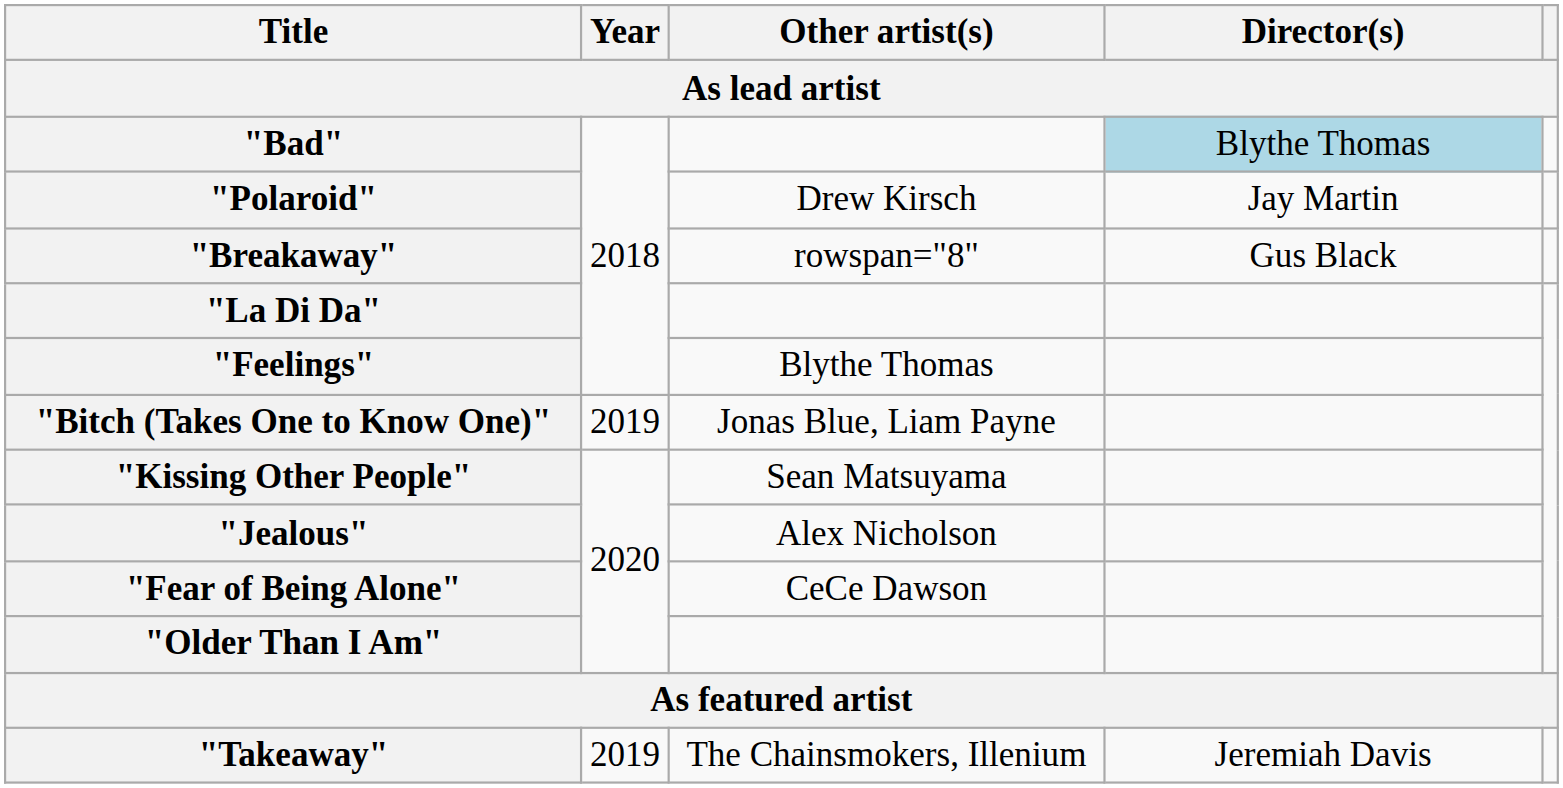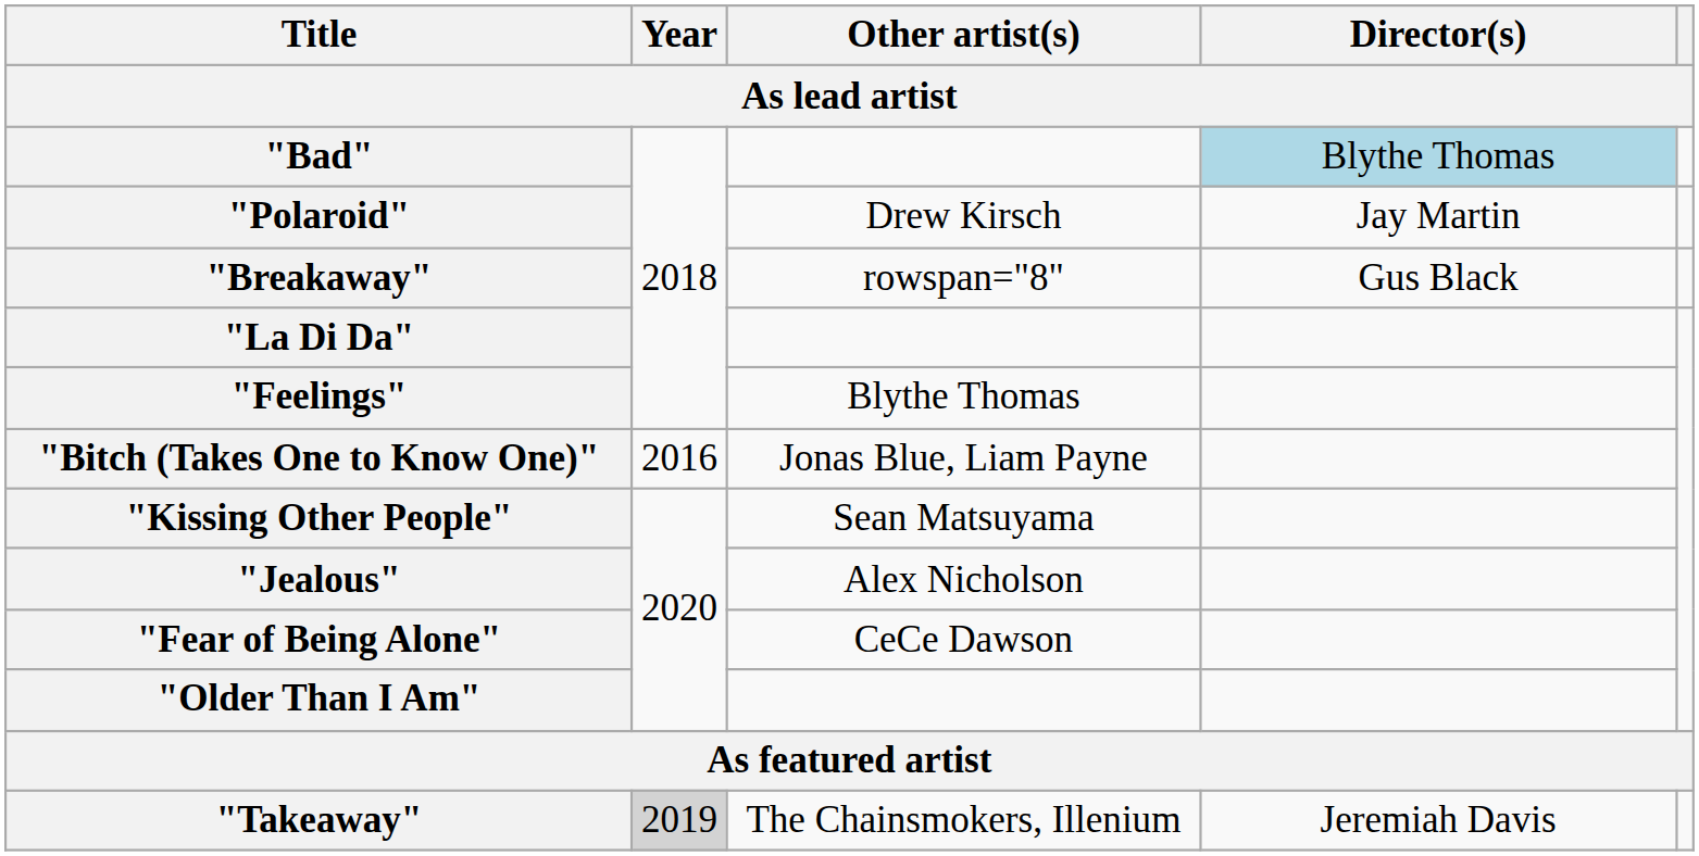 <table class="wikitable plainrowheaders" style="text-align:center;">
 <tr>
 <th scope="col" style="width:16em;">Title</th>
 <th scope="col">Year</th>
 <th scope="col" style="width:12em;">Other artist(s)</th>
 <th scope="col" style="width:12em;">Director(s)</th>
 <th scope="col"></th>
 </tr>
 <tr>
 <th colspan="5" scope="col">As lead artist</th>
 </tr>
 <tr>
 <th scope="row">"Bad"</th>
 <td rowspan="5">2018</td>
 <td></td>
 <td style="background: lightblue;">Blythe Thomas</td>
 <td></td>
 </tr>
 <tr>
 <th scope="row">"Polaroid"</th>
 <td>Drew Kirsch</td>
 <td>Jay Martin</td>
 <td></td>
 </tr>
 <tr>
 <th scope="row">"Breakaway"</th>
 <td>rowspan="8" </td>
 <td>Gus Black</td>
 <td></td>
 </tr>
 <tr>
 <th scope="row">"La Di Da"</th>
 <td></td>
 <td></td>
 </tr>
 <tr>
 <th scope="row">"Feelings"</th>
 <td>Blythe Thomas</td>
 <td></td>
 </tr>
 <tr>
 <th scope="row">"Bitch (Takes One to Know One)"</th>
-<td>2019</td>
+<td>2016</td>
 <td>Jonas Blue, Liam Payne</td>
 <td></td>
 </tr>
 <tr>
 <th scope="row">"Kissing Other People"</th>
 <td rowspan="4">2020</td>
 <td>Sean Matsuyama</td>
 <td></td>
 </tr>
 <tr>
 <th scope="row">"Jealous"</th>
 <td>Alex Nicholson</td>
 <td></td>
 </tr>
 <tr>
 <th scope="row">"Fear of Being Alone"</th>
 <td>CeCe Dawson</td>
 <td></td>
 </tr>
 <tr>
 <th scope="row">"Older Than I Am"</th>
 <td></td>
 <td></td>
 </tr>
 <tr>
 <th colspan="5" scope="col">As featured artist</th>
 </tr>
 <tr>
 <th scope="row">"Takeaway"</th>
-<td>2019</td>
+<td style="background: lightgrey;">2019</td>
 <td>The Chainsmokers, Illenium</td>
 <td>Jeremiah Davis</td>
 <td></td>
 </tr>
 </table>
